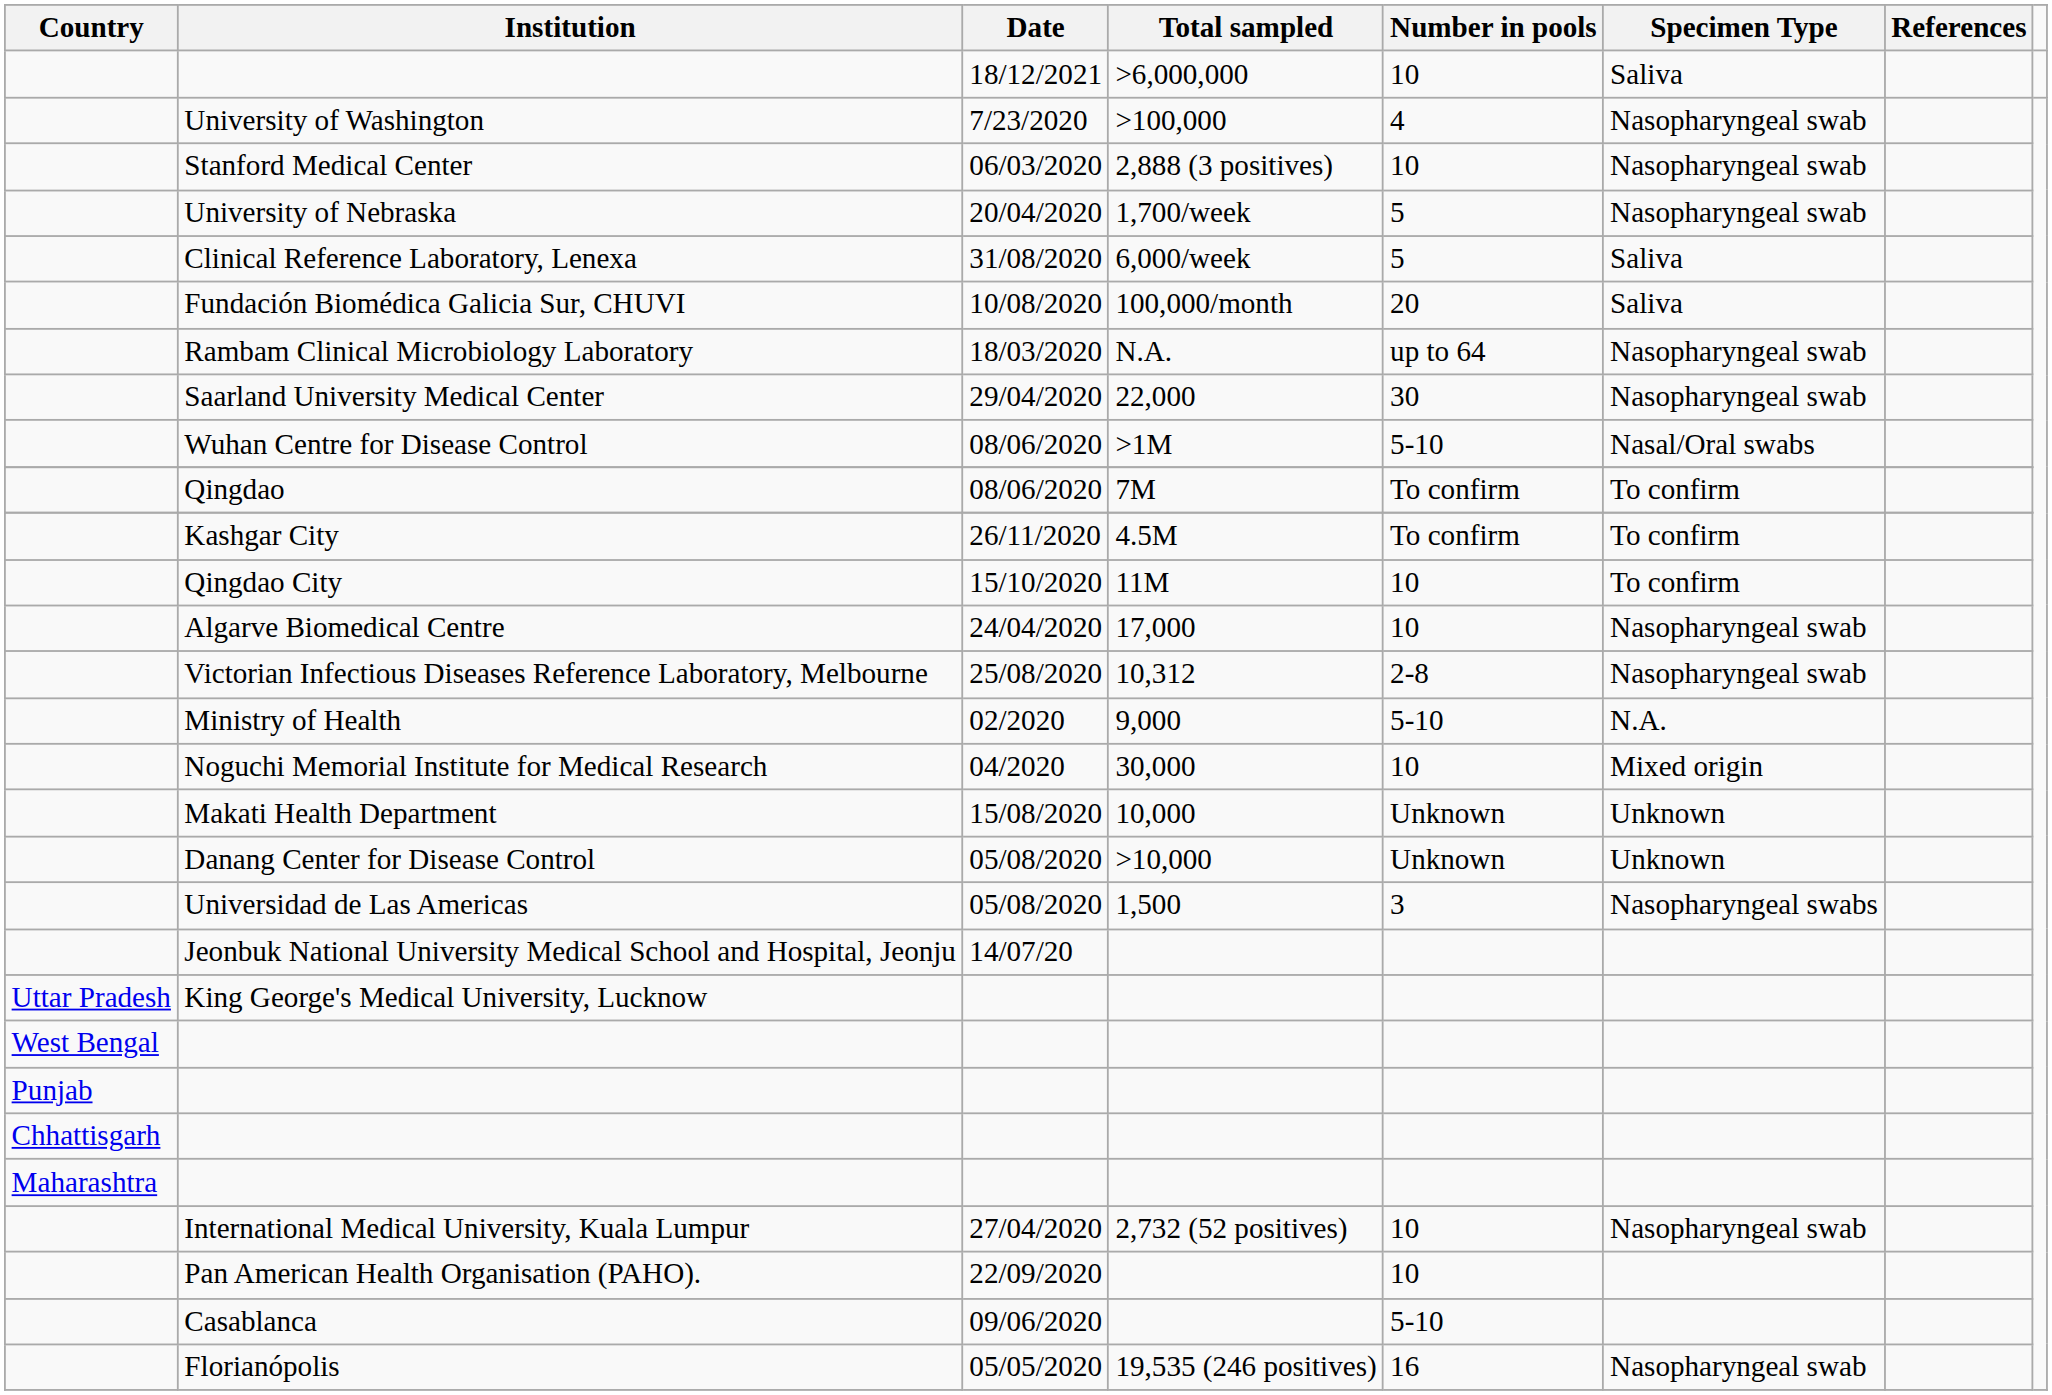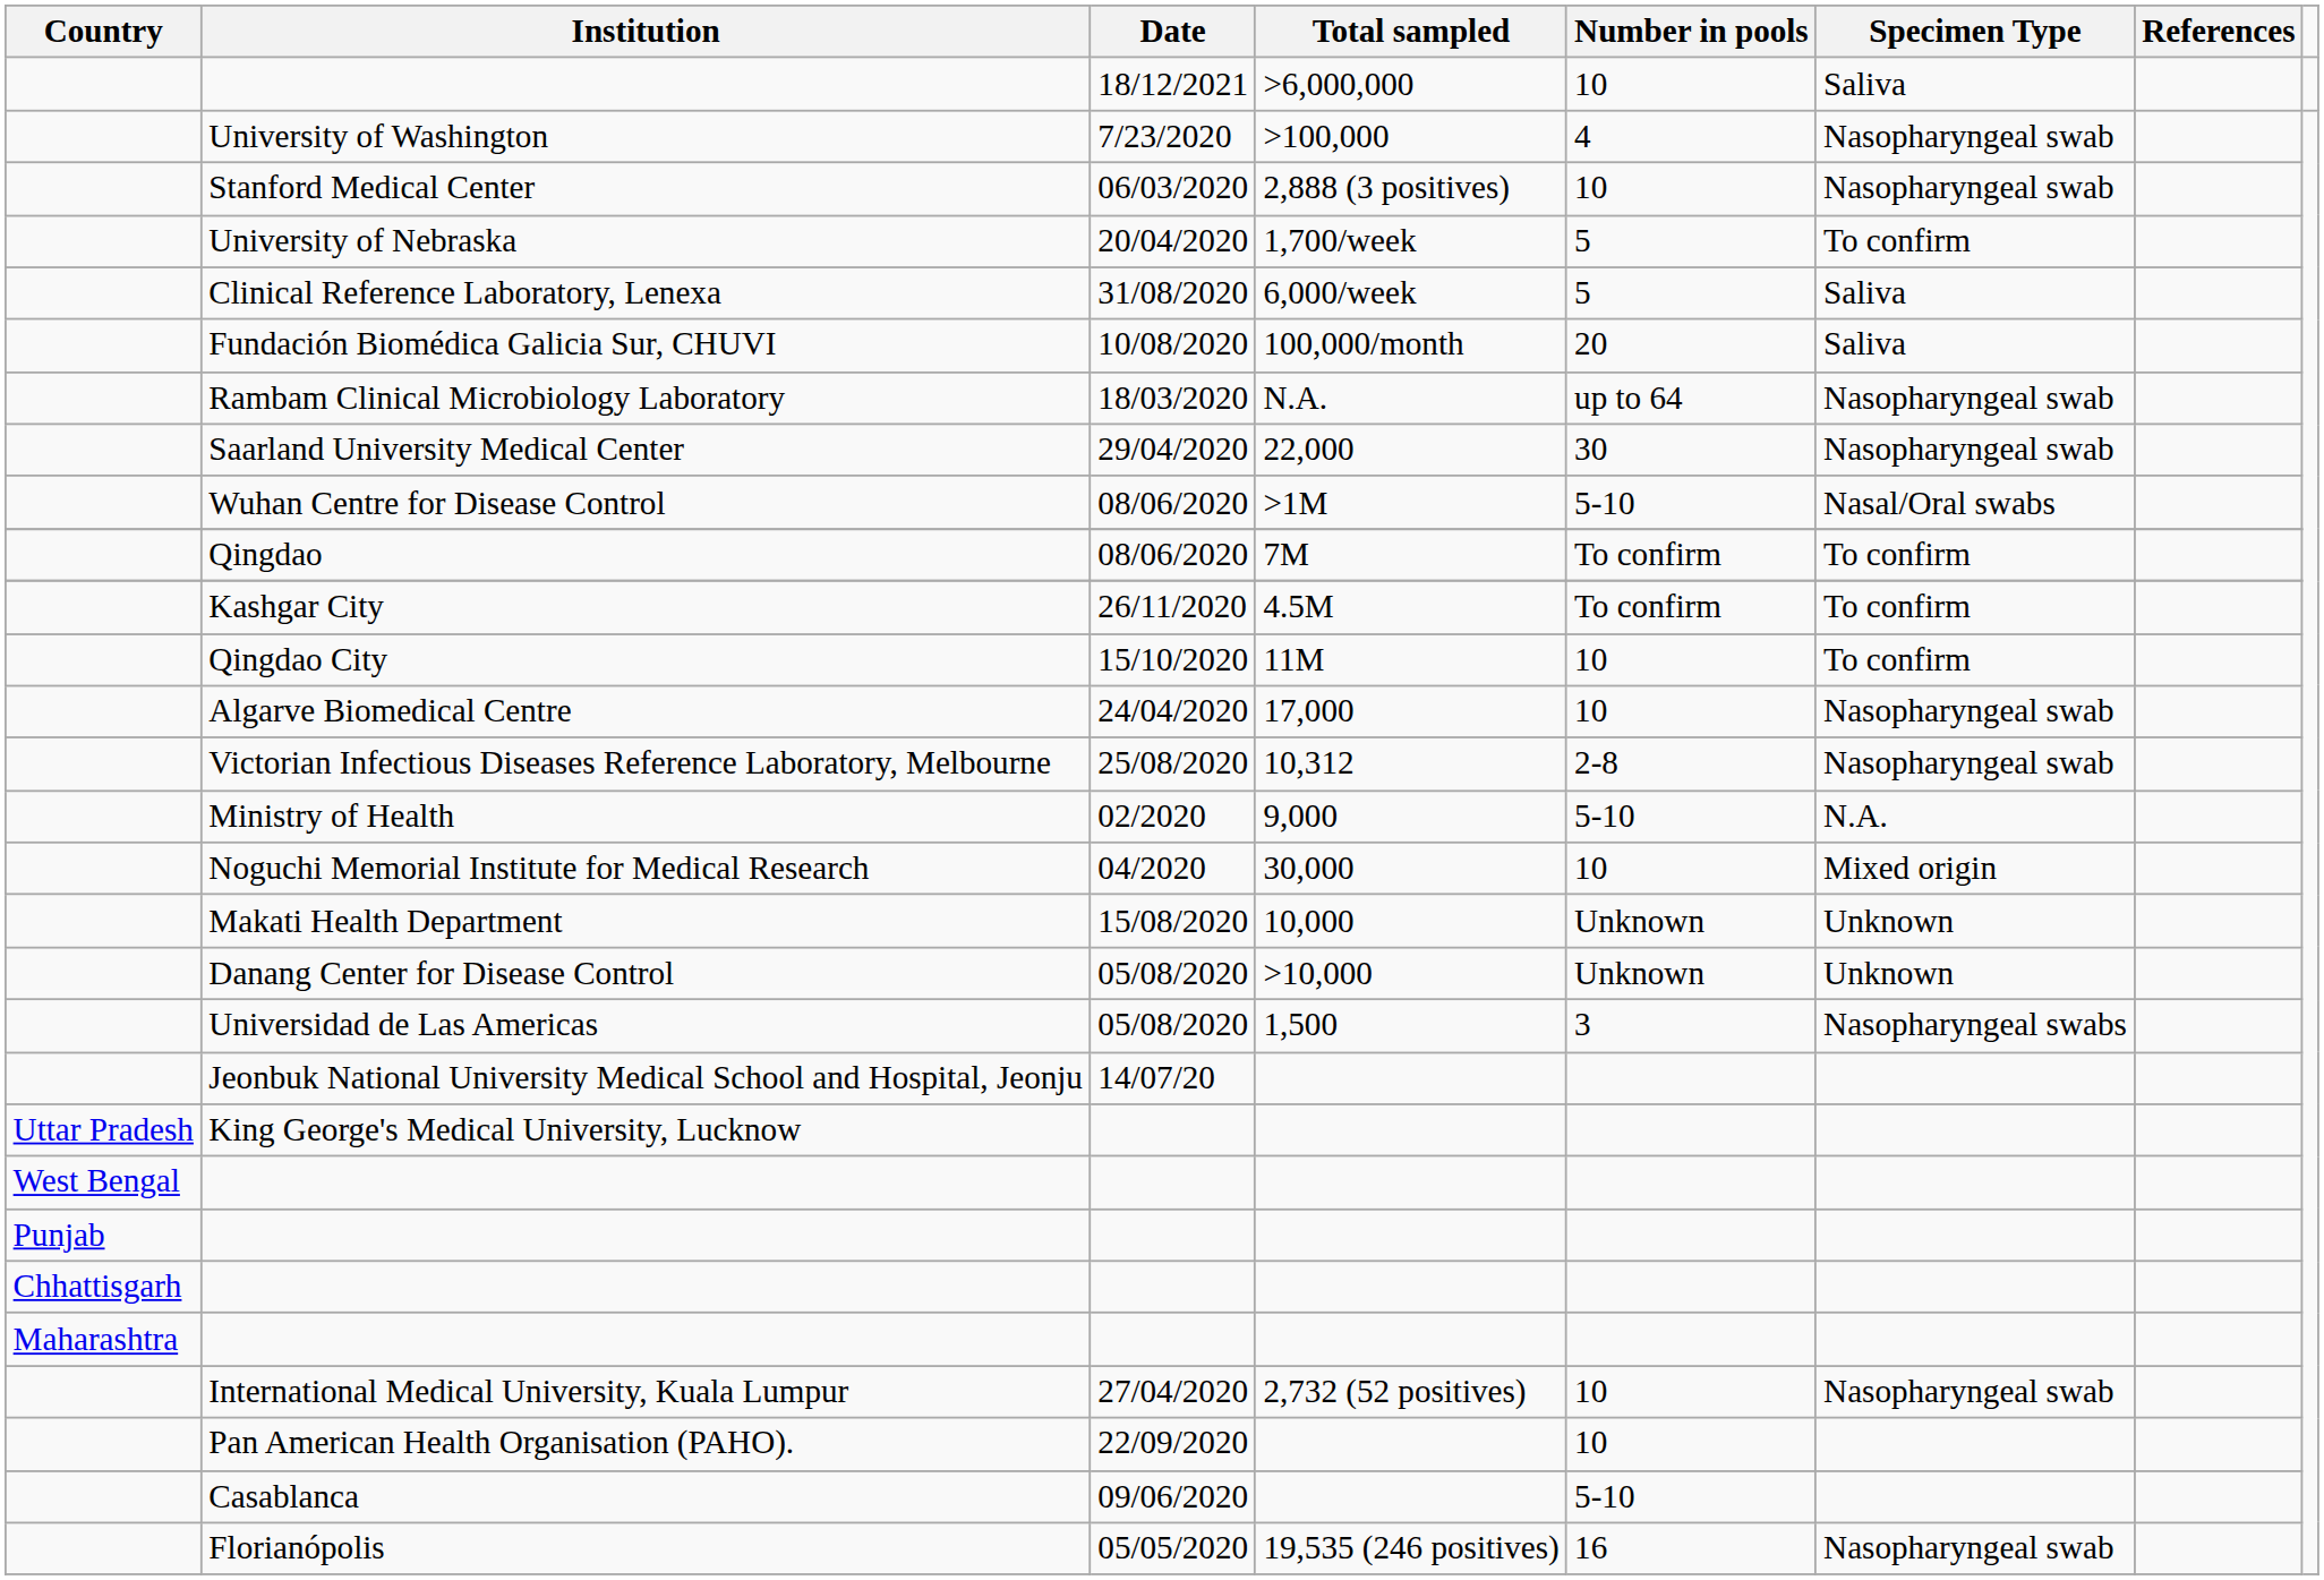 <table class="wikitable">
 <tr>
 <th>Country</th>
 <th>Institution</th>
 <th>Date</th>
 <th>Total sampled</th>
 <th>Number in pools</th>
 <th>Specimen Type</th>
 <th>References</th>
 </tr>
 <tr>
 <td></td>
 <td></td>
 <td>18/12/2021</td>
 <td>>6,000,000</td>
 <td>10</td>
 <td>Saliva</td>
 <td></td>
 <td></td>
 </tr>
 <tr>
 <td> </td>
 <td>University of Washington</td>
 <td>7/23/2020</td>
 <td>>100,000</td>
 <td>4</td>
 <td>Nasopharyngeal swab</td>
 <td></td>
 </tr>
 <tr>
 <td> </td>
 <td>Stanford Medical Center</td>
 <td>06/03/2020</td>
 <td>2,888 (3 positives)</td>
 <td>10</td>
 <td>Nasopharyngeal swab</td>
 <td></td>
 </tr>
 <tr>
 <td> </td>
 <td>University of Nebraska</td>
 <td>20/04/2020</td>
 <td>1,700/week</td>
 <td>5</td>
-<td>Nasopharyngeal swab</td>
+<td>To confirm</td>
 <td></td>
 </tr>
 <tr>
 <td> </td>
 <td>Clinical Reference Laboratory, Lenexa</td>
 <td>31/08/2020</td>
 <td>6,000/week</td>
 <td>5</td>
 <td>Saliva</td>
 <td><br></td>
 </tr>
 <tr>
 <td></td>
 <td>Fundación Biomédica Galicia Sur, CHUVI</td>
 <td>10/08/2020</td>
 <td>100,000/month</td>
 <td>20</td>
 <td>Saliva</td>
 <td><br></td>
 </tr>
 <tr>
 <td></td>
 <td>Rambam Clinical Microbiology Laboratory</td>
 <td>18/03/2020</td>
 <td>N.A.</td>
 <td>up to 64</td>
 <td>Nasopharyngeal swab</td>
 <td><br> </td>
 </tr>
 <tr>
 <td></td>
 <td>Saarland University Medical Center</td>
 <td>29/04/2020</td>
 <td>22,000</td>
 <td>30</td>
 <td>Nasopharyngeal swab</td>
 <td></td>
 </tr>
 <tr>
 <td></td>
 <td>Wuhan Centre for Disease Control</td>
 <td>08/06/2020</td>
 <td>>1M</td>
 <td>5-10</td>
 <td>Nasal/Oral swabs</td>
 <td><br> </td>
 </tr>
 <tr>
 </tr>
 <tr>
 <td></td>
 <td>Qingdao</td>
 <td>08/06/2020</td>
 <td>7M</td>
 <td>To confirm</td>
 <td>To confirm</td>
 <td><br></td>
 </tr>
 <tr>
 </tr>
 <tr>
 <td></td>
 <td>Kashgar City</td>
 <td>26/11/2020</td>
 <td>4.5M</td>
 <td>To confirm</td>
 <td>To confirm</td>
 <td><br></td>
 </tr>
 <tr>
 <td></td>
 <td>Qingdao City</td>
 <td>15/10/2020</td>
 <td>11M</td>
 <td>10</td>
 <td>To confirm</td>
 <td><br></td>
 </tr>
 <tr>
 <td></td>
 <td>Algarve Biomedical Centre</td>
 <td>24/04/2020</td>
 <td>17,000</td>
 <td>10</td>
 <td>Nasopharyngeal swab</td>
 <td><br> </td>
 </tr>
 <tr>
 <td></td>
 <td>Victorian Infectious Diseases Reference Laboratory, Melbourne</td>
 <td>25/08/2020</td>
 <td>10,312</td>
 <td>2-8</td>
 <td>Nasopharyngeal swab</td>
 <td><br></td>
 </tr>
 <tr>
 <td></td>
 <td>Ministry of Health</td>
 <td>02/2020</td>
 <td>9,000</td>
 <td>5-10</td>
 <td>N.A.</td>
 <td><br></td>
 </tr>
 <tr>
 <td></td>
 <td>Noguchi Memorial Institute for Medical Research</td>
 <td>04/2020</td>
 <td>30,000</td>
 <td>10</td>
 <td>Mixed origin</td>
 <td><br> </td>
 </tr>
 <tr>
 <td></td>
 <td>Makati Health Department</td>
 <td>15/08/2020</td>
 <td>10,000</td>
 <td>Unknown</td>
 <td>Unknown</td>
 <td><br></td>
 </tr>
 <tr>
 <td></td>
 <td>Danang Center for Disease Control</td>
 <td>05/08/2020</td>
 <td>>10,000</td>
 <td>Unknown</td>
 <td>Unknown</td>
 <td><br></td>
 </tr>
 <tr>
 <td></td>
 <td>Universidad de Las Americas</td>
 <td>05/08/2020</td>
 <td>1,500</td>
 <td>3</td>
 <td>Nasopharyngeal swabs</td>
 <td><br></td>
 </tr>
 <tr>
 <td></td>
 <td>Jeonbuk National University Medical School and Hospital, Jeonju</td>
 <td>14/07/20</td>
 <td></td>
 <td></td>
 <td></td>
 <td><br>   </td>
 </tr>
 <tr>
 <td> <a href='#'>Uttar Pradesh</a></td>
 <td>King George's Medical University, Lucknow</td>
 <td></td>
 <td></td>
 <td></td>
 <td></td>
 <td><br></td>
 </tr>
 <tr>
 <td> <a href='#'>West Bengal</a></td>
 <td></td>
 <td></td>
 <td></td>
 <td></td>
 <td></td>
 <td></td>
 </tr>
 <tr>
 <td>  <a href='#'>Punjab</a></td>
 <td></td>
 <td></td>
 <td></td>
 <td></td>
 <td></td>
 <td></td>
 </tr>
 <tr>
 <td> <a href='#'>Chhattisgarh</a></td>
 <td></td>
 <td></td>
 <td></td>
 <td></td>
 <td></td>
 <td></td>
 </tr>
 <tr>
 <td> <a href='#'>Maharashtra</a></td>
 <td></td>
 <td></td>
 <td></td>
 <td></td>
 <td></td>
 <td></td>
 </tr>
 <tr>
 <td></td>
 <td>International Medical University, Kuala Lumpur</td>
 <td>27/04/2020</td>
 <td>2,732 (52 positives)</td>
 <td>10</td>
 <td>Nasopharyngeal swab</td>
 <td></td>
 </tr>
 <tr>
 <td></td>
 <td>Pan American Health Organisation (PAHO).</td>
 <td>22/09/2020</td>
 <td></td>
 <td>10</td>
 <td></td>
 <td></td>
 </tr>
 <tr>
 <td></td>
 <td>Casablanca</td>
 <td>09/06/2020</td>
 <td></td>
 <td>5-10</td>
 <td></td>
 <td><br></td>
 </tr>
 <tr>
 <td></td>
 <td>Florianópolis</td>
 <td>05/05/2020</td>
 <td>19,535 (246 positives)</td>
 <td>16</td>
 <td>Nasopharyngeal swab</td>
 <td><br></td>
 </tr>
 </table>
